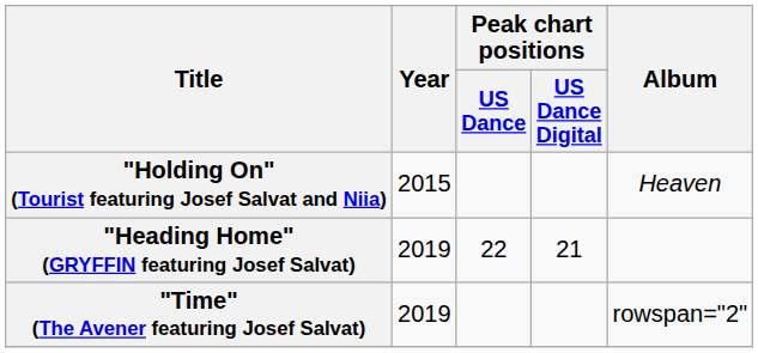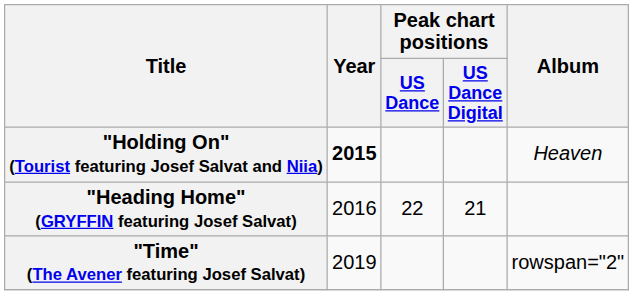 <table class="wikitable plainrowheaders" style="text-align:center;">
 <tr>
 <th scope="col" rowspan="2">Title</th>
 <th scope="col" rowspan="2">Year</th>
 <th colspan="2">Peak chart positions</th>
 <th scope="col" rowspan="2">Album</th>
 </tr>
 <tr>
 <th scope="col" style="width:2.5em;font-size:90%;"><a href='#'>US<br>Dance</a><br></th>
 <th scope="col" style="width:2.5em;font-size:90%;"><a href='#'>US <br>Dance Digital</a><br></th>
 </tr>
 <tr>
 <th scope="row">"Holding On"<br><small>(<a href='#'>Tourist</a> featuring Josef Salvat and <a href='#'>Niia</a>)</small></th>
-<td>2015</td>
+<td><strong>2015</strong></td>
 <td></td>
 <td></td>
 <td><em>Heaven</em></td>
 </tr>
 <tr>
 <th scope="row">"Heading Home"<br><small>(<a href='#'>GRYFFIN</a> featuring Josef Salvat)</small></th>
-<td>2019</td>
+<td>2016</td>
 <td>22</td>
 <td>21</td>
 </tr>
 <tr>
 <th scope="row">"Time"<br><small>(<a href='#'>The Avener</a> featuring Josef Salvat)</small></th>
 <td>2019</td>
 <td></td>
 <td></td>
 <td>rowspan="2" </td>
 </tr>
 <tr>
 </tr>
 </table>
